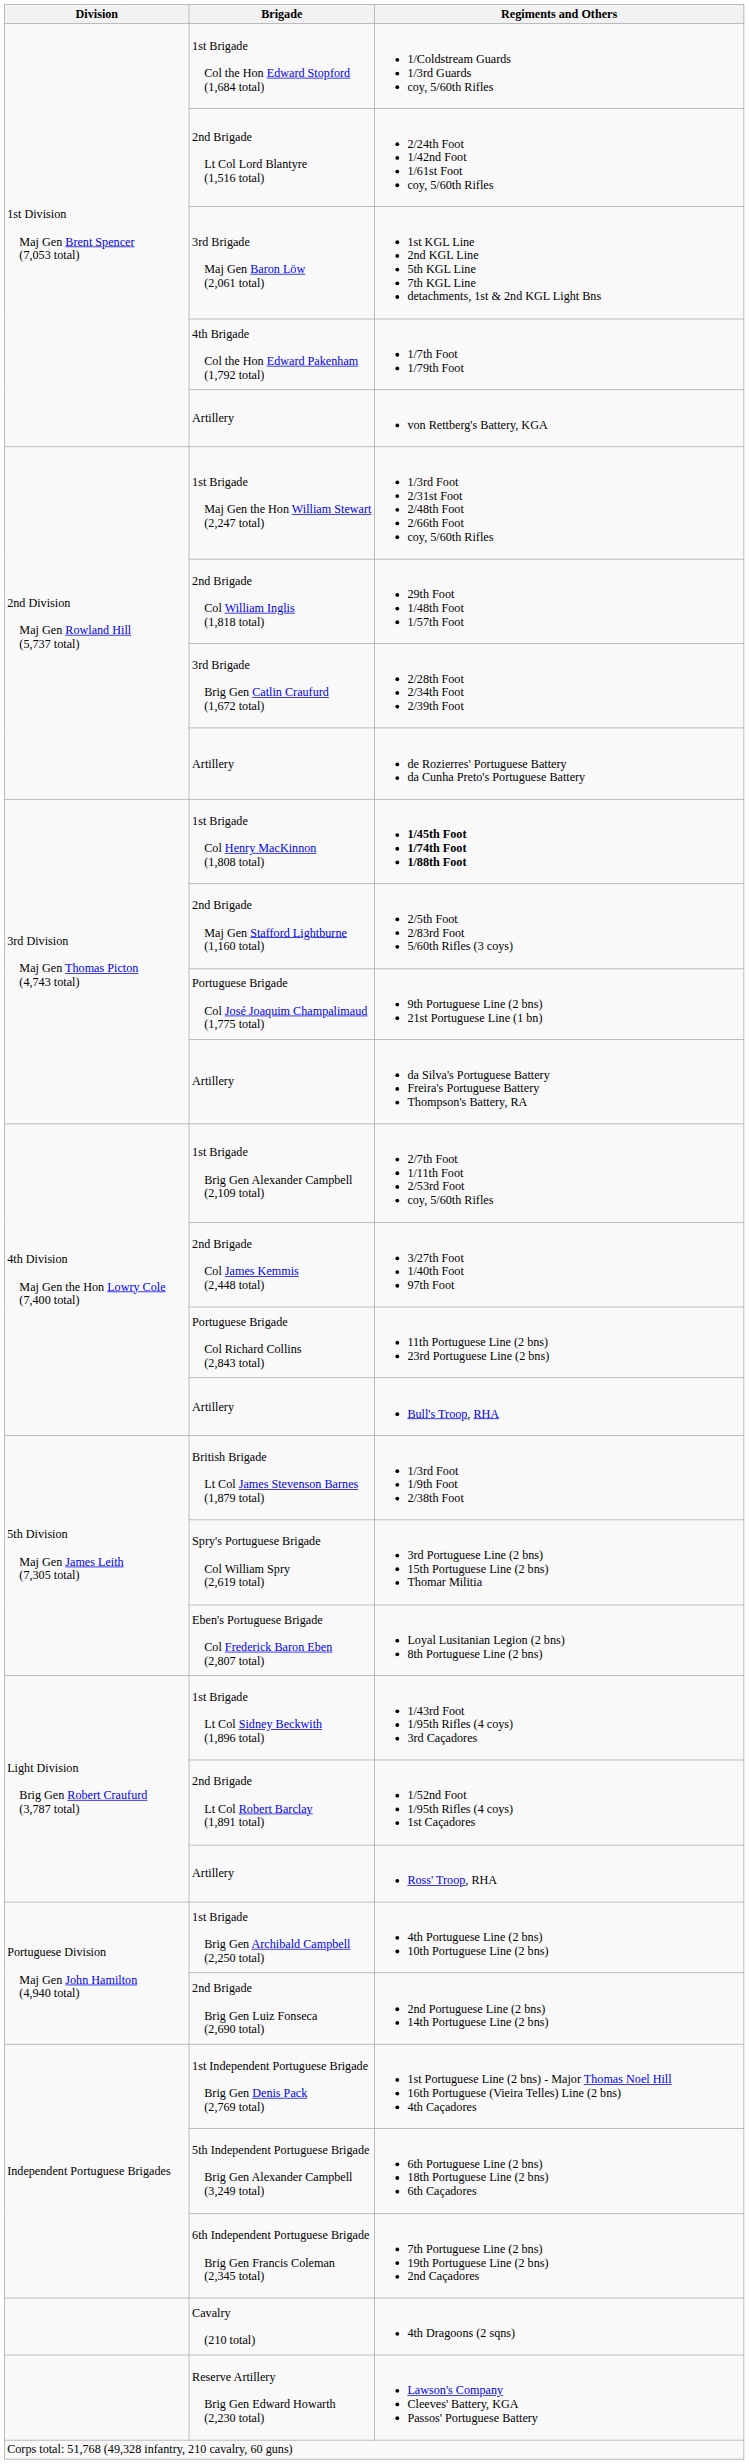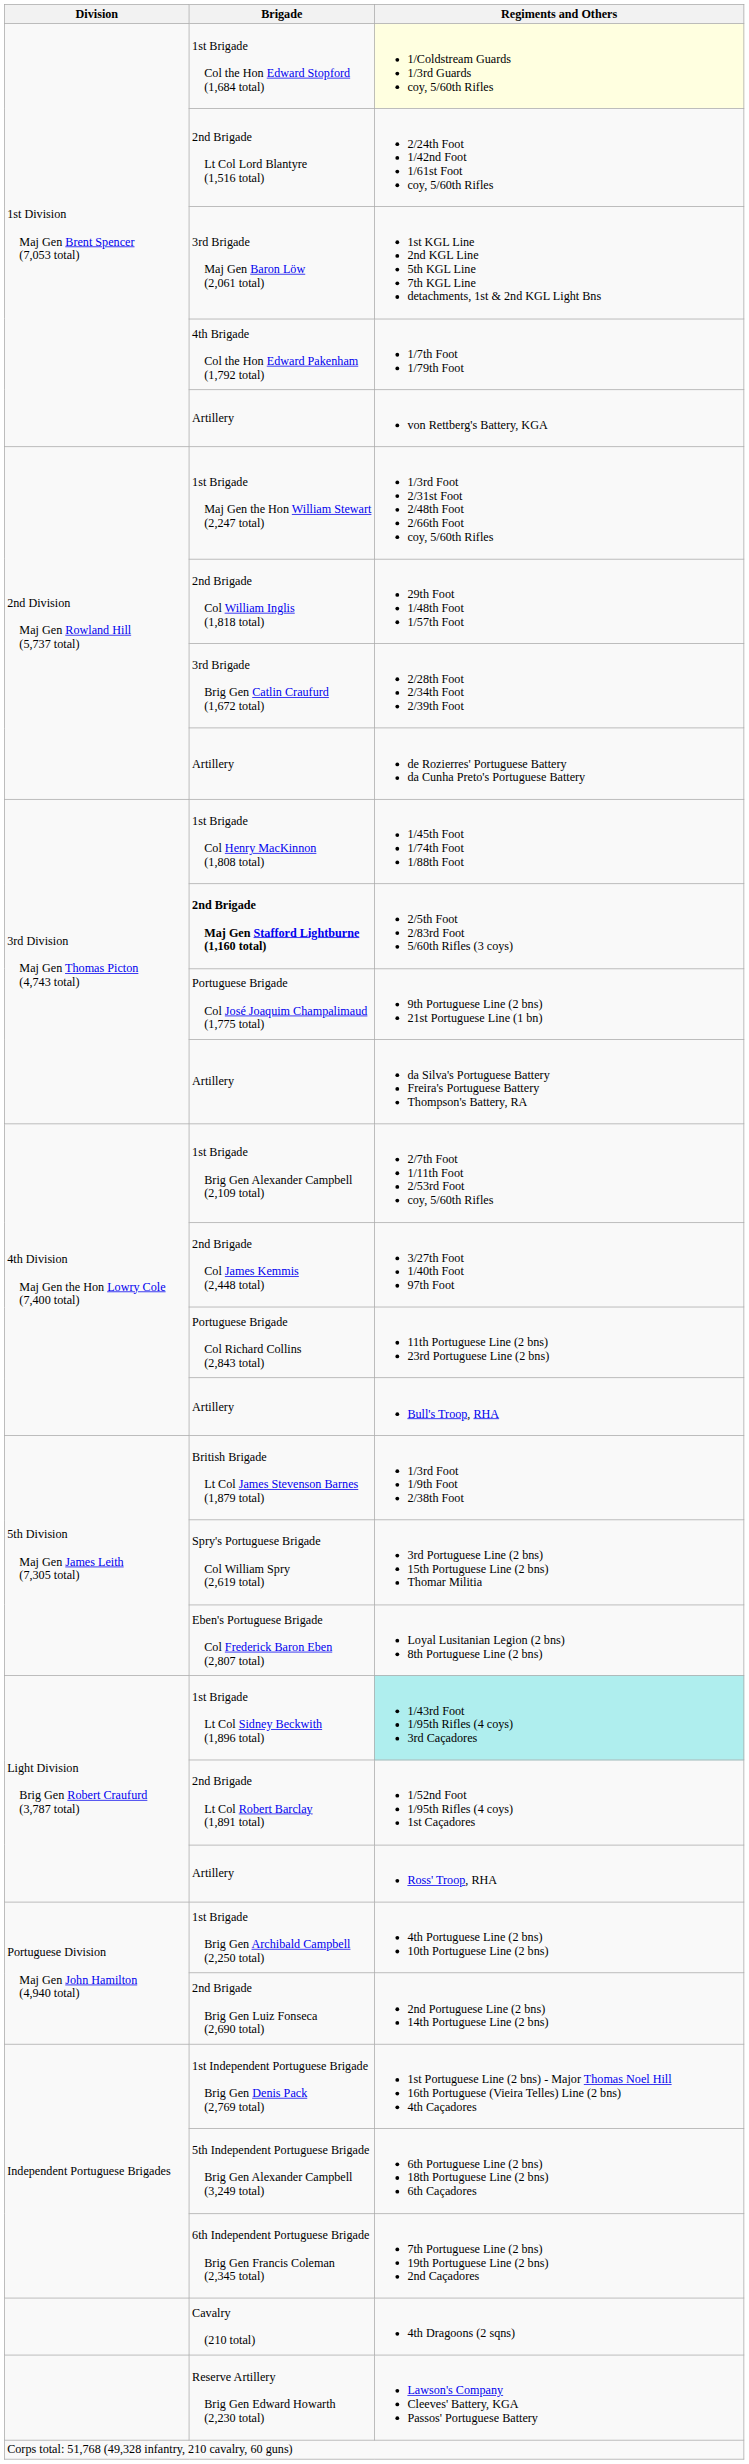 <table class="wikitable">
 <tr>
 <th style="width:25%;">Division</th>
 <th style="width:25%;">Brigade</th>
 <th>Regiments and Others</th>
 </tr>
 <tr>
 <td rowspan=5>1st Division<br><br>    Maj Gen <a href='#'>Brent Spencer</a> <br>    (7,053 total)</td>
 <td>1st Brigade<br><br>    Col the Hon <a href='#'>Edward Stopford</a> <br>    (1,684 total)</td>
-<td><br><ul><li>1/Coldstream Guards</li><li>1/3rd Guards</li><li>coy, 5/60th Rifles</li></ul></td>
+<td style="background: lightyellow;"><br><ul><li>1/Coldstream Guards</li><li>1/3rd Guards</li><li>coy, 5/60th Rifles</li></ul></td>
 </tr>
 <tr>
 <td>2nd Brigade<br><br>    Lt Col Lord Blantyre <br>    (1,516 total)</td>
 <td><br><ul><li>2/24th Foot</li><li>1/42nd Foot</li><li>1/61st Foot</li><li>coy, 5/60th Rifles</li></ul></td>
 </tr>
 <tr>
 <td>3rd Brigade<br><br>    Maj Gen <a href='#'>Baron Löw</a> <br>    (2,061 total)</td>
 <td><br><ul><li>1st KGL Line</li><li>2nd KGL Line</li><li>5th KGL Line</li><li>7th KGL Line</li><li>detachments, 1st & 2nd KGL Light Bns</li></ul></td>
 </tr>
 <tr>
 <td>4th Brigade<br><br>    Col the Hon <a href='#'>Edward Pakenham</a> <br>    (1,792 total)</td>
 <td><br><ul><li>1/7th Foot</li><li>1/79th Foot</li></ul></td>
 </tr>
 <tr>
 <td>Artillery</td>
 <td><br><ul><li>von Rettberg's Battery, KGA</li></ul></td>
 </tr>
 <tr>
 <td rowspan=4>2nd Division<br><br>    Maj Gen <a href='#'>Rowland Hill</a> <br>    (5,737 total)</td>
 <td>1st Brigade<br><br>    Maj Gen the Hon <a href='#'>William Stewart</a> <br>    (2,247 total)</td>
 <td><br><ul><li>1/3rd Foot</li><li>2/31st Foot</li><li>2/48th Foot</li><li>2/66th Foot</li><li>coy, 5/60th Rifles</li></ul></td>
 </tr>
 <tr>
 <td>2nd Brigade<br><br>    Col <a href='#'>William Inglis</a> <br>    (1,818 total)</td>
 <td><br><ul><li>29th Foot</li><li>1/48th Foot</li><li>1/57th Foot</li></ul></td>
 </tr>
 <tr>
 <td>3rd Brigade<br><br>    Brig Gen <a href='#'>Catlin Craufurd</a> <br>    (1,672 total)</td>
 <td><br><ul><li>2/28th Foot</li><li>2/34th Foot</li><li>2/39th Foot</li></ul></td>
 </tr>
 <tr>
 <td>Artillery</td>
 <td><br><ul><li>de Rozierres' Portuguese Battery</li><li>da Cunha Preto's Portuguese Battery</li></ul></td>
 </tr>
 <tr>
 <td rowspan=4>3rd Division<br><br>    Maj Gen <a href='#'>Thomas Picton</a> <br>    (4,743 total)</td>
 <td>1st Brigade<br><br>    Col <a href='#'>Henry MacKinnon</a> <br>    (1,808 total)</td>
-<td><strong><br><ul><li>1/45th Foot</li><li>1/74th Foot</li><li>1/88th Foot</li></ul></strong></td>
+<td><br><ul><li>1/45th Foot</li><li>1/74th Foot</li><li>1/88th Foot</li></ul></td>
 </tr>
 <tr>
-<td>2nd Brigade<br><br>    Maj Gen <a href='#'>Stafford Lightburne</a> <br>    (1,160 total)</td>
+<td><strong>2nd Brigade<br><br>    Maj Gen <a href='#'>Stafford Lightburne</a> <br>    (1,160 total)</strong></td>
 <td><br><ul><li>2/5th Foot</li><li>2/83rd Foot</li><li>5/60th Rifles (3 coys)</li></ul></td>
 </tr>
 <tr>
 <td>Portuguese Brigade<br><br>    Col <a href='#'>José Joaquim Champalimaud</a> <br>    (1,775 total)</td>
 <td><br><ul><li>9th Portuguese Line (2 bns)</li><li>21st Portuguese Line (1 bn)</li></ul></td>
 </tr>
 <tr>
 <td>Artillery</td>
 <td><br><ul><li>da Silva's Portuguese Battery</li><li>Freira's Portuguese Battery</li><li>Thompson's Battery, RA</li></ul></td>
 </tr>
 <tr>
 <td rowspan=4>4th Division<br><br>    Maj Gen the Hon <a href='#'>Lowry Cole</a> <br>    (7,400 total)</td>
 <td>1st Brigade<br><br>    Brig Gen Alexander Campbell <br>    (2,109 total)</td>
 <td><br><ul><li>2/7th Foot</li><li>1/11th Foot</li><li>2/53rd Foot</li><li>coy, 5/60th Rifles</li></ul></td>
 </tr>
 <tr>
 <td>2nd Brigade<br><br>    Col <a href='#'>James Kemmis</a> <br>    (2,448 total)</td>
 <td><br><ul><li>3/27th Foot</li><li>1/40th Foot</li><li>97th Foot</li></ul></td>
 </tr>
 <tr>
 <td>Portuguese Brigade<br><br>    Col Richard Collins <br>    (2,843 total)</td>
 <td><br><ul><li>11th Portuguese Line (2 bns)</li><li>23rd Portuguese Line (2 bns)</li></ul></td>
 </tr>
 <tr>
 <td>Artillery</td>
 <td><br><ul><li><a href='#'>Bull's Troop</a>, <a href='#'>RHA</a></li></ul></td>
 </tr>
 <tr>
 <td rowspan=3>5th Division<br><br>    Maj Gen <a href='#'>James Leith</a> <br>    (7,305 total)</td>
 <td>British Brigade<br><br>    Lt Col <a href='#'>James Stevenson Barnes</a> <br>    (1,879 total)</td>
 <td><br><ul><li>1/3rd Foot</li><li>1/9th Foot</li><li>2/38th Foot</li></ul></td>
 </tr>
 <tr>
 <td>Spry's Portuguese Brigade<br><br>    Col William Spry <br>    (2,619 total)</td>
 <td><br><ul><li>3rd Portuguese Line (2 bns)</li><li>15th Portuguese Line (2 bns)</li><li>Thomar Militia</li></ul></td>
 </tr>
 <tr>
 <td>Eben's Portuguese Brigade<br><br>    Col <a href='#'>Frederick Baron Eben</a> <br>    (2,807 total)</td>
 <td><br><ul><li>Loyal Lusitanian Legion (2 bns)</li><li>8th Portuguese Line (2 bns)</li></ul></td>
 </tr>
 <tr>
 <td rowspan=3>Light Division<br><br>    Brig Gen <a href='#'>Robert Craufurd</a> <br>    (3,787 total)</td>
 <td>1st Brigade<br><br>    Lt Col <a href='#'>Sidney Beckwith</a> <br>    (1,896 total)</td>
-<td><br><ul><li>1/43rd Foot</li><li>1/95th Rifles (4 coys)</li><li>3rd Caçadores</li></ul></td>
+<td style="background: paleturquoise;"><br><ul><li>1/43rd Foot</li><li>1/95th Rifles (4 coys)</li><li>3rd Caçadores</li></ul></td>
 </tr>
 <tr>
 <td>2nd Brigade<br><br>    Lt Col <a href='#'>Robert Barclay</a> <br>    (1,891 total)</td>
 <td><br><ul><li>1/52nd Foot</li><li>1/95th Rifles (4 coys)</li><li>1st Caçadores</li></ul></td>
 </tr>
 <tr>
 <td>Artillery</td>
 <td><br><ul><li><a href='#'>Ross' Troop</a>, RHA</li></ul></td>
 </tr>
 <tr>
 <td rowspan=2>Portuguese Division<br><br>    Maj Gen <a href='#'>John Hamilton</a> <br>    (4,940 total)</td>
 <td>1st Brigade<br><br>    Brig Gen <a href='#'>Archibald Campbell</a> <br>    (2,250 total)</td>
 <td><br><ul><li>4th Portuguese Line (2 bns)</li><li>10th Portuguese Line (2 bns)</li></ul></td>
 </tr>
 <tr>
 <td>2nd Brigade<br><br>    Brig Gen Luiz Fonseca <br>    (2,690 total)</td>
 <td><br><ul><li>2nd Portuguese Line (2 bns)</li><li>14th Portuguese Line (2 bns)</li></ul></td>
 </tr>
 <tr>
 <td rowspan=3>Independent Portuguese Brigades</td>
 <td>1st Independent Portuguese Brigade<br><br>    Brig Gen <a href='#'>Denis Pack</a> <br>    (2,769 total)</td>
 <td><br><ul><li>1st Portuguese Line (2 bns) - Major <a href='#'>Thomas Noel Hill</a></li><li>16th Portuguese (Vieira Telles) Line (2 bns)</li><li>4th Caçadores</li></ul></td>
 </tr>
 <tr>
 <td>5th Independent Portuguese Brigade<br><br>    Brig Gen Alexander Campbell <br>    (3,249 total)</td>
 <td><br><ul><li>6th Portuguese Line (2 bns)</li><li>18th Portuguese Line (2 bns)</li><li>6th Caçadores</li></ul></td>
 </tr>
 <tr>
 <td>6th Independent Portuguese Brigade<br><br>    Brig Gen Francis Coleman <br>    (2,345 total)</td>
 <td><br><ul><li>7th Portuguese Line (2 bns)</li><li>19th Portuguese Line (2 bns)</li><li>2nd Caçadores</li></ul></td>
 </tr>
 <tr>
 <td></td>
 <td>Cavalry<br><br>    (210 total)</td>
 <td><br><ul><li>4th Dragoons (2 sqns)</li></ul></td>
 </tr>
 <tr>
 <td></td>
 <td>Reserve Artillery<br><br>    Brig Gen Edward Howarth <br>    (2,230 total)</td>
 <td><br><ul><li><a href='#'>Lawson's Company</a></li><li>Cleeves' Battery, KGA</li><li>Passos' Portuguese Battery</li></ul></td>
 </tr>
 <tr>
 <td colspan=3>Corps total: 51,768 (49,328 infantry, 210 cavalry, 60 guns)</td>
 </tr>
 </table>
